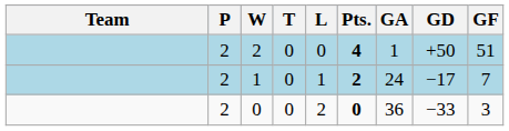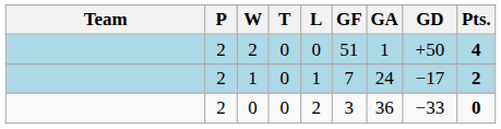 <table class="wikitable" style="margin: 1em auto;">
 <tr align=center bgcolor="lightsteelblue">
 <th width=165>Team</th>
 <th width=20>P</th>
 <th width=20>W</th>
 <th width=20>T</th>
 <th width=20>L</th>
-<th width=20>Pts.</th>
+<th width=20>GF</th>
 <th width=20>GA</th>
 <th width=40>GD</th>
-<th width=20>GF</th>
+<th width=20>Pts.</th>
 </tr>
 <tr align=center bgcolor=lightblue>
 <td style="text-align:left;"><strong></strong></td>
 <td>2</td>
 <td>2</td>
 <td>0</td>
 <td>0</td>
-<td><strong>4</strong></td>
+<td>51</td>
 <td>1</td>
 <td>+50</td>
-<td>51</td>
+<td><strong>4</strong></td>
 </tr>
 <tr align=center bgcolor=lightblue>
 <td style="text-align:left;"><strong></strong></td>
 <td>2</td>
 <td>1</td>
 <td>0</td>
 <td>1</td>
-<td><strong>2</strong></td>
+<td>7</td>
 <td>24</td>
 <td>−17</td>
-<td>7</td>
+<td><strong>2</strong></td>
 </tr>
 <tr align=center>
 <td style="text-align:left;"></td>
 <td>2</td>
 <td>0</td>
 <td>0</td>
 <td>2</td>
-<td><strong>0</strong></td>
+<td>3</td>
 <td>36</td>
 <td>−33</td>
-<td>3</td>
+<td><strong>0</strong></td>
 </tr>
 </table>
